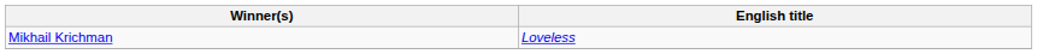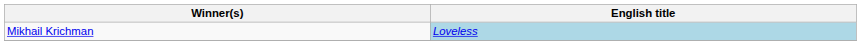 <table class="wikitable" width="95%" cellpadding="5">
 <tr>
 <th width="18%">Winner(s)</th>
 <th width="18%">English title</th>
 </tr>
 <tr>
 <td> <a href='#'>Mikhail Krichman</a></td>
-<td><em><a href='#'>Loveless</a></em></td>
+<td style="background: lightblue;"><em><a href='#'>Loveless</a></em></td>
 </tr>
 <tr>
 </tr>
 </table>
